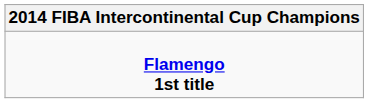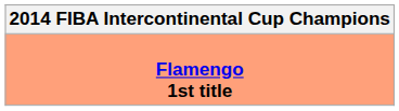 <table class=wikitable style="text-align:center; margin:auto">
 <tr>
 <th>2014 FIBA Intercontinental Cup Champions</th>
 </tr>
 <tr>
-<td><br> <strong><a href='#'>Flamengo</a></strong> <br> <strong>1st title</strong></td>
+<td style="background: lightsalmon;"><br> <strong><a href='#'>Flamengo</a></strong> <br> <strong>1st title</strong></td>
 </tr>
 </table>
